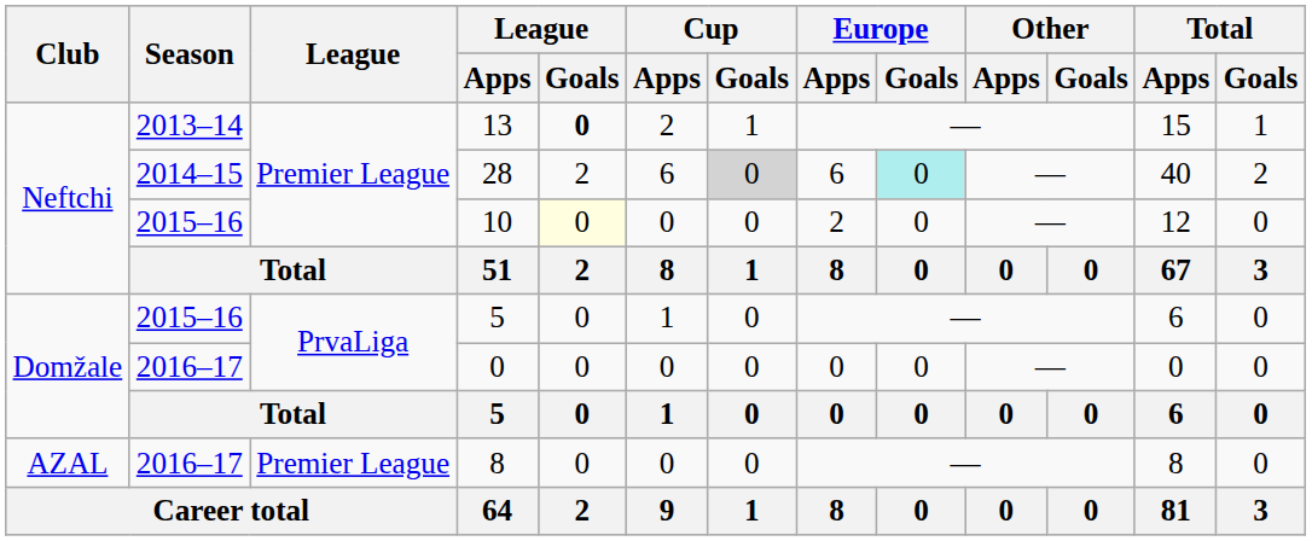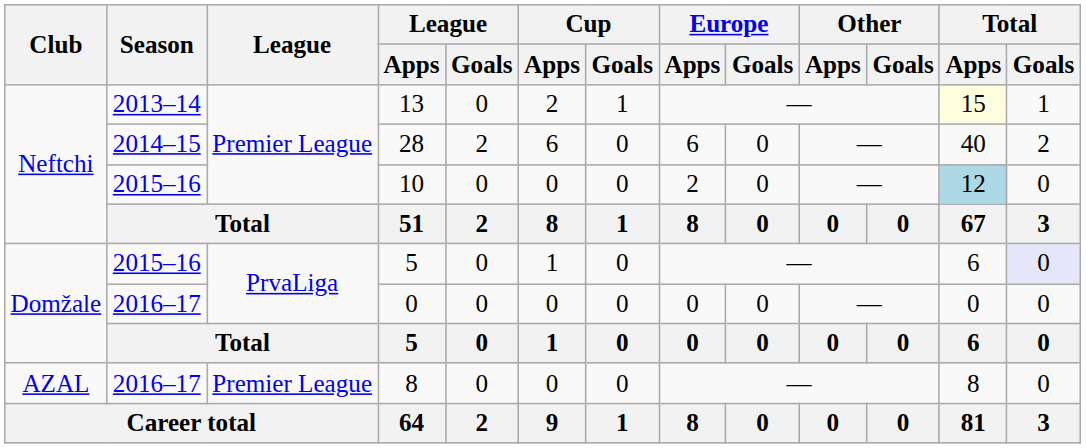 <table class="wikitable" style="text-align: center;">
 <tr>
 <th rowspan="2">Club</th>
 <th rowspan="2">Season</th>
 <th rowspan="2">League</th>
 <th colspan="2">League</th>
 <th colspan="2">Cup</th>
 <th colspan="2"><a href='#'>Europe</a></th>
 <th colspan="2">Other</th>
 <th colspan="2">Total</th>
 </tr>
 <tr>
 <th>Apps</th>
 <th>Goals</th>
 <th>Apps</th>
 <th>Goals</th>
 <th>Apps</th>
 <th>Goals</th>
 <th>Apps</th>
 <th>Goals</th>
 <th>Apps</th>
 <th>Goals</th>
 </tr>
 <tr>
 <td rowspan="4"><a href='#'>Neftchi</a></td>
 <td><a href='#'>2013–14</a></td>
 <td rowspan="3"><a href='#'>Premier League</a></td>
 <td>13</td>
-<td><strong>0</strong></td>
+<td>0</td>
 <td>2</td>
 <td>1</td>
 <td colspan="4">—</td>
-<td>15</td>
+<td style="background: lightyellow;">15</td>
 <td>1</td>
 </tr>
 <tr>
 <td><a href='#'>2014–15</a></td>
 <td>28</td>
 <td>2</td>
 <td>6</td>
-<td style="background: lightgrey;">0</td>
+<td>0</td>
 <td>6</td>
-<td style="background: paleturquoise;">0</td>
+<td>0</td>
 <td colspan="2">—</td>
 <td>40</td>
 <td>2</td>
 </tr>
 <tr>
 <td><a href='#'>2015–16</a></td>
 <td>10</td>
-<td style="background: lightyellow;">0</td>
+<td>0</td>
 <td>0</td>
 <td>0</td>
 <td>2</td>
 <td>0</td>
 <td colspan="2">—</td>
-<td>12</td>
+<td style="background: lightblue;">12</td>
 <td>0</td>
 </tr>
 <tr>
 <th colspan="2">Total</th>
 <th>51</th>
 <th>2</th>
 <th>8</th>
 <th>1</th>
 <th>8</th>
 <th>0</th>
 <th>0</th>
 <th>0</th>
 <th>67</th>
 <th>3</th>
 </tr>
 <tr>
 <td rowspan="3"><a href='#'>Domžale</a></td>
 <td><a href='#'>2015–16</a></td>
 <td rowspan="2"><a href='#'>PrvaLiga</a></td>
 <td>5</td>
 <td>0</td>
 <td>1</td>
 <td>0</td>
 <td colspan="4">—</td>
 <td>6</td>
-<td>0</td>
+<td style="background: lavender;">0</td>
 </tr>
 <tr>
 <td><a href='#'>2016–17</a></td>
 <td>0</td>
 <td>0</td>
 <td>0</td>
 <td>0</td>
 <td>0</td>
 <td>0</td>
 <td colspan="2">—</td>
 <td>0</td>
 <td>0</td>
 </tr>
 <tr>
 <th colspan="2">Total</th>
 <th>5</th>
 <th>0</th>
 <th>1</th>
 <th>0</th>
 <th>0</th>
 <th>0</th>
 <th>0</th>
 <th>0</th>
 <th>6</th>
 <th>0</th>
 </tr>
 <tr>
 <td rowspan="1"><a href='#'>AZAL</a></td>
 <td><a href='#'>2016–17</a></td>
 <td rowspan="1"><a href='#'>Premier League</a></td>
 <td>8</td>
 <td>0</td>
 <td>0</td>
 <td>0</td>
 <td colspan="4">—</td>
 <td>8</td>
 <td>0</td>
 </tr>
 <tr>
 <th colspan="3">Career total</th>
 <th>64</th>
 <th>2</th>
 <th>9</th>
 <th>1</th>
 <th>8</th>
 <th>0</th>
 <th>0</th>
 <th>0</th>
 <th>81</th>
 <th>3</th>
 </tr>
 </table>
